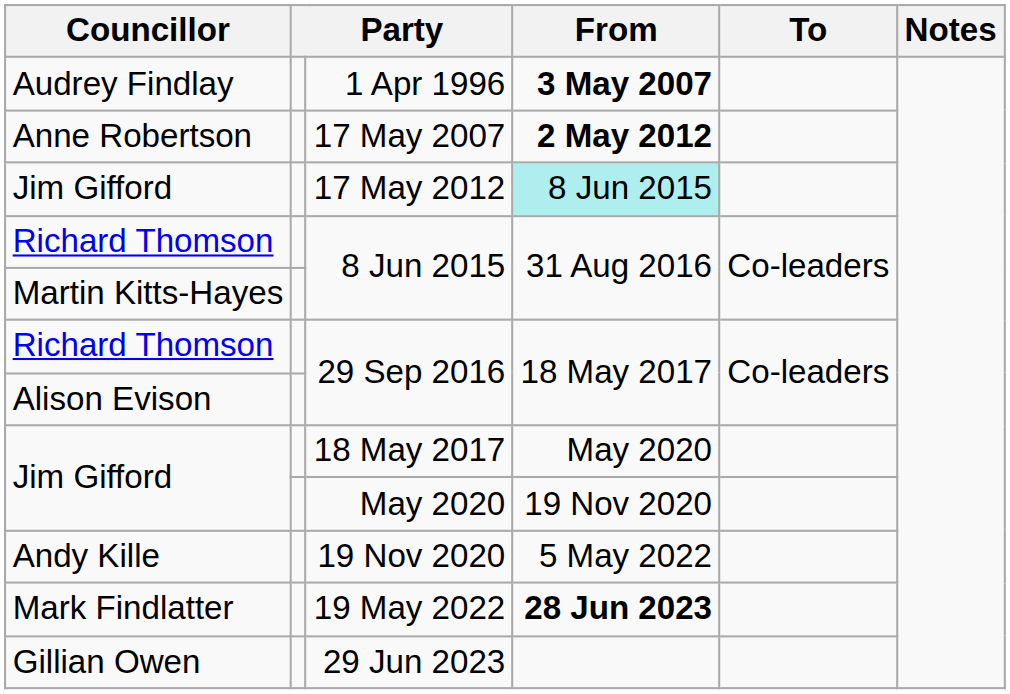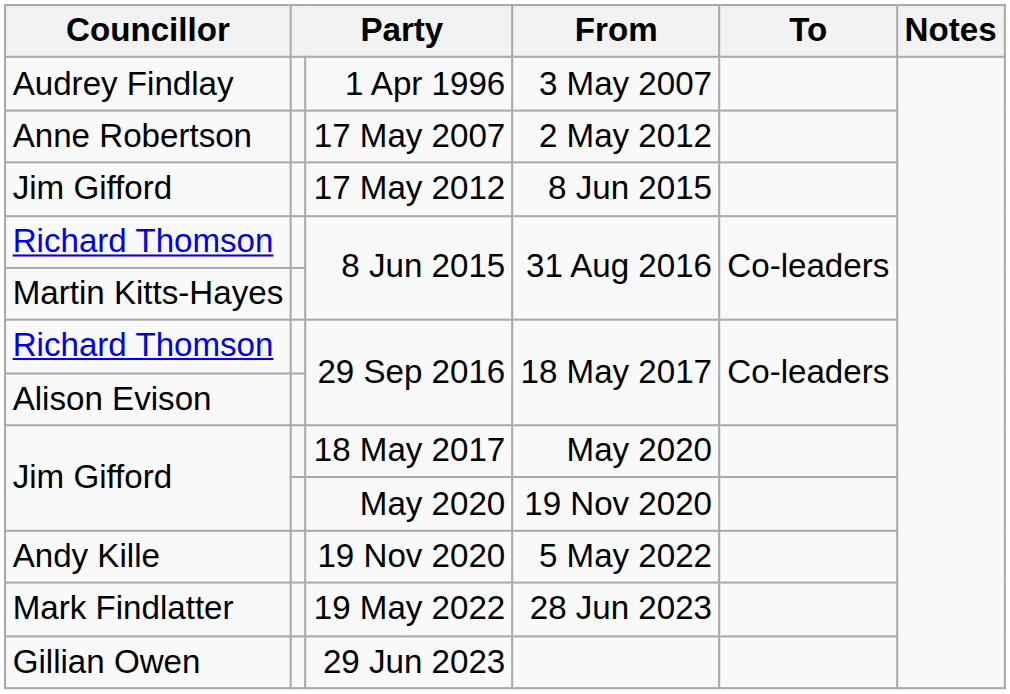 <table class=wikitable>
 <tr>
 <th>Councillor</th>
 <th colspan=2>Party</th>
 <th>From</th>
 <th>To</th>
 <th>Notes</th>
 </tr>
 <tr>
 <td>Audrey Findlay</td>
 <td></td>
 <td align=right>1 Apr 1996</td>
-<td align=right><strong>3 May 2007</strong></td>
+<td align=right>3 May 2007</td>
 <td></td>
 </tr>
 <tr>
 <td>Anne Robertson</td>
 <td></td>
 <td align=right>17 May 2007</td>
-<td align=right><strong>2 May 2012</strong></td>
+<td align=right>2 May 2012</td>
 <td></td>
 </tr>
 <tr>
 <td>Jim Gifford</td>
 <td></td>
 <td align=right>17 May 2012</td>
-<td align=right style="background: paleturquoise;">8 Jun 2015</td>
+<td align=right>8 Jun 2015</td>
 <td></td>
 </tr>
 <tr>
 <td><a href='#'>Richard Thomson</a></td>
 <td></td>
 <td rowspan=2 align=right>8 Jun 2015</td>
 <td rowspan=2 align=right>31 Aug 2016</td>
 <td rowspan=2>Co-leaders</td>
 </tr>
 <tr>
 <td>Martin Kitts-Hayes</td>
 <td></td>
 </tr>
 <tr>
 <td><a href='#'>Richard Thomson</a></td>
 <td></td>
 <td rowspan=2 align=right>29 Sep 2016</td>
 <td rowspan=2 align=right>18 May 2017</td>
 <td rowspan=2>Co-leaders</td>
 </tr>
 <tr>
 <td>Alison Evison</td>
 <td></td>
 </tr>
 <tr>
 <td rowspan=2>Jim Gifford</td>
 <td></td>
 <td align=right>18 May 2017</td>
 <td align=right>May 2020</td>
 <td></td>
 </tr>
 <tr>
 <td></td>
 <td align=right>May 2020</td>
 <td align=right>19 Nov 2020</td>
 <td></td>
 </tr>
 <tr>
 <td>Andy Kille</td>
 <td></td>
 <td align=right>19 Nov 2020</td>
 <td align=right>5 May 2022</td>
 <td></td>
 </tr>
 <tr>
 <td>Mark Findlatter</td>
 <td></td>
 <td align=right>19 May 2022</td>
-<td align=right><strong>28 Jun 2023</strong></td>
+<td align=right>28 Jun 2023</td>
 <td></td>
 </tr>
 <tr>
 <td>Gillian Owen</td>
 <td></td>
 <td align=right>29 Jun 2023</td>
 <td align=right></td>
 <td></td>
 </tr>
 </table>
